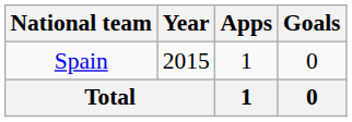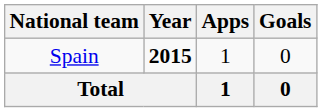 <table class="wikitable" style="text-align:center">
 <tr>
 <th>National team</th>
 <th>Year</th>
 <th>Apps</th>
 <th>Goals</th>
 </tr>
 <tr>
 <td><a href='#'>Spain</a></td>
-<td>2015</td>
+<td><strong>2015</strong></td>
 <td>1</td>
 <td>0</td>
 </tr>
 <tr>
 <th colspan="2">Total</th>
 <th>1</th>
 <th>0</th>
 </tr>
 </table>
